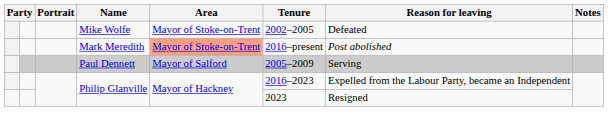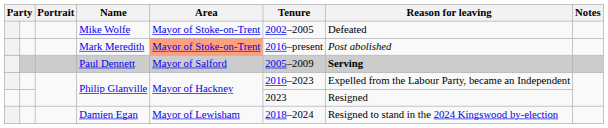 <table class="wikitable sortable">
 <tr>
 <th colspan=2>Party</th>
 <th class="unsortable">Portrait</th>
 <th class="unsortable">Name</th>
 <th class="unsortable">Area</th>
 <th>Tenure</th>
 <th>Reason for leaving</th>
 <th class="unsortable">Notes</th>
 </tr>
 <tr>
 <th style="background-color: "></th>
 <td></td>
 <td></td>
 <td><a href='#'>Mike Wolfe</a></td>
 <td><a href='#'>Mayor of Stoke-on-Trent</a></td>
 <td><a href='#'>2002</a>–2005</td>
 <td>Defeated</td>
 <td></td>
 </tr>
 <tr>
 <th style="background-color: "></th>
 <td></td>
 <td></td>
 <td><a href='#'>Mark Meredith</a></td>
 <td style="background: lightsalmon;"><a href='#'>Mayor of Stoke-on-Trent</a></td>
 <td><a href='#'>2016</a>–present</td>
 <td><em>Post abolished</em></td>
 <td></td>
 </tr>
 <tr style="background:#ccc;">
 <th style="background-color: "></th>
 <td></td>
 <td></td>
 <td><a href='#'>Paul Dennett</a></td>
 <td><a href='#'>Mayor of Salford</a></td>
 <td><a href='#'>2005</a>–2009</td>
-<td>Serving</td>
+<td><strong>Serving</strong></td>
 <td></td>
 </tr>
 <tr>
 <th style="background-color: "></th>
 <td></td>
 <td rowspan="2"></td>
 <td rowspan="2"><a href='#'>Philip Glanville</a></td>
 <td rowspan="2"><a href='#'>Mayor of Hackney</a></td>
 <td><a href='#'>2016</a>–2023</td>
 <td>Expelled from the Labour Party, became an Independent</td>
 <td rowspan="2"></td>
 </tr>
 <tr>
 <td ! style="background-color: "></td>
 <td></td>
 <td>2023</td>
 <td>Resigned</td>
 </tr>
+<tr>
+<th style="background-color: "></th>
+<td></td>
+<td></td>
+<td><a href='#'>Damien Egan</a></td>
+<td><a href='#'>Mayor of Lewisham</a></td>
+<td><a href='#'>2018</a>–2024</td>
+<td>Resigned to stand in the <a href='#'>2024 Kingswood by-election</a></td>
+<td></td>
+</tr>
 </table>
